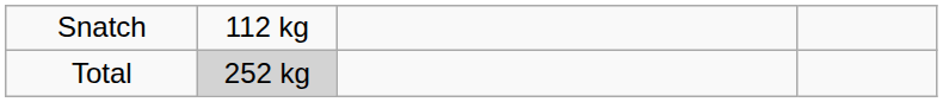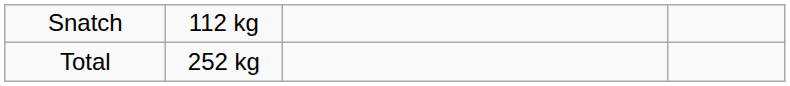 <table class = "wikitable" style="text-align:center;">
 <tr>
 <td width=100>Snatch</td>
 <td width=70>112 kg</td>
 <td width=250 align=left></td>
 <td width=70></td>
 </tr>
 <tr>
 <td>Total</td>
-<td style="background: lightgrey;">252 kg</td>
+<td>252 kg</td>
 <td align=left></td>
 <td></td>
 </tr>
 </table>
